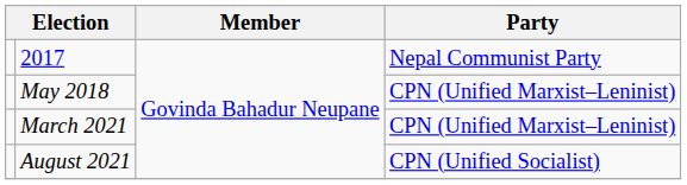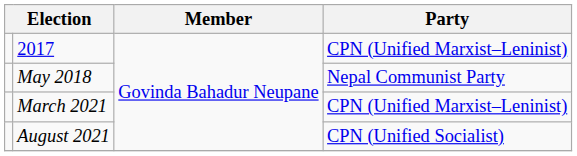 <table class="wikitable">
 <tr>
 <th colspan="2">Election</th>
 <th>Member</th>
 <th>Party</th>
 </tr>
 <tr>
 <td style="background-color:"></td>
 <td><a href='#'>2017</a></td>
 <td rowspan="4"><a href='#'>Govinda Bahadur Neupane</a></td>
-<td><a href='#'>Nepal Communist Party</a></td>
+<td><a href='#'>CPN (Unified Marxist–Leninist)</a></td>
 </tr>
 <tr>
 <td style="background-color:"></td>
 <td><em>May 2018</em></td>
-<td><a href='#'>CPN (Unified Marxist–Leninist)</a></td>
+<td><a href='#'>Nepal Communist Party</a></td>
 </tr>
 <tr>
 <td style="background-color:"></td>
 <td><em>March 2021</em></td>
 <td><a href='#'>CPN (Unified Marxist–Leninist)</a></td>
 </tr>
 <tr>
 <td style="background-color:"></td>
 <td><em>August 2021</em></td>
 <td><a href='#'>CPN (Unified Socialist)</a></td>
 </tr>
 <tr>
 </tr>
 </table>
